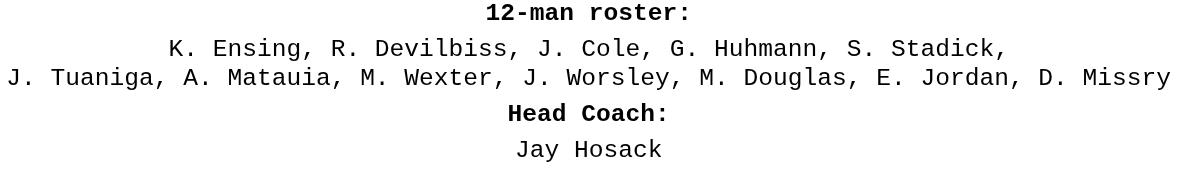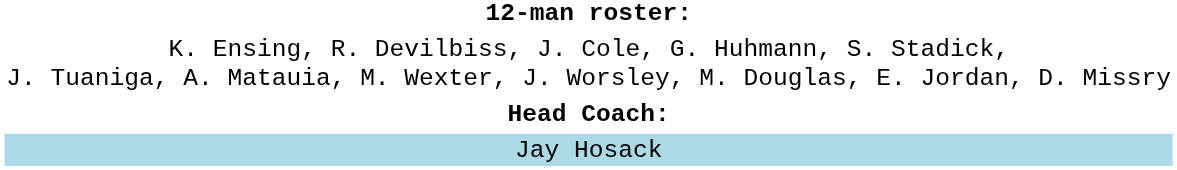 <table style="margin-left:auto; margin-right:auto; text-align:center;">
 <tr>
 <th>12-man roster:</th>
 </tr>
 <tr>
 <td>K. Ensing, R. Devilbiss, J. Cole, G. Huhmann, S. Stadick,<br> J. Tuaniga, A. Matauia, M. Wexter, J. Worsley, M. Douglas, E. Jordan, D. Missry</td>
 </tr>
 <tr>
 <th>Head Coach:</th>
 </tr>
 <tr>
-<td>Jay Hosack</td>
+<td style="background: lightblue;">Jay Hosack</td>
 </tr>
 </table>
